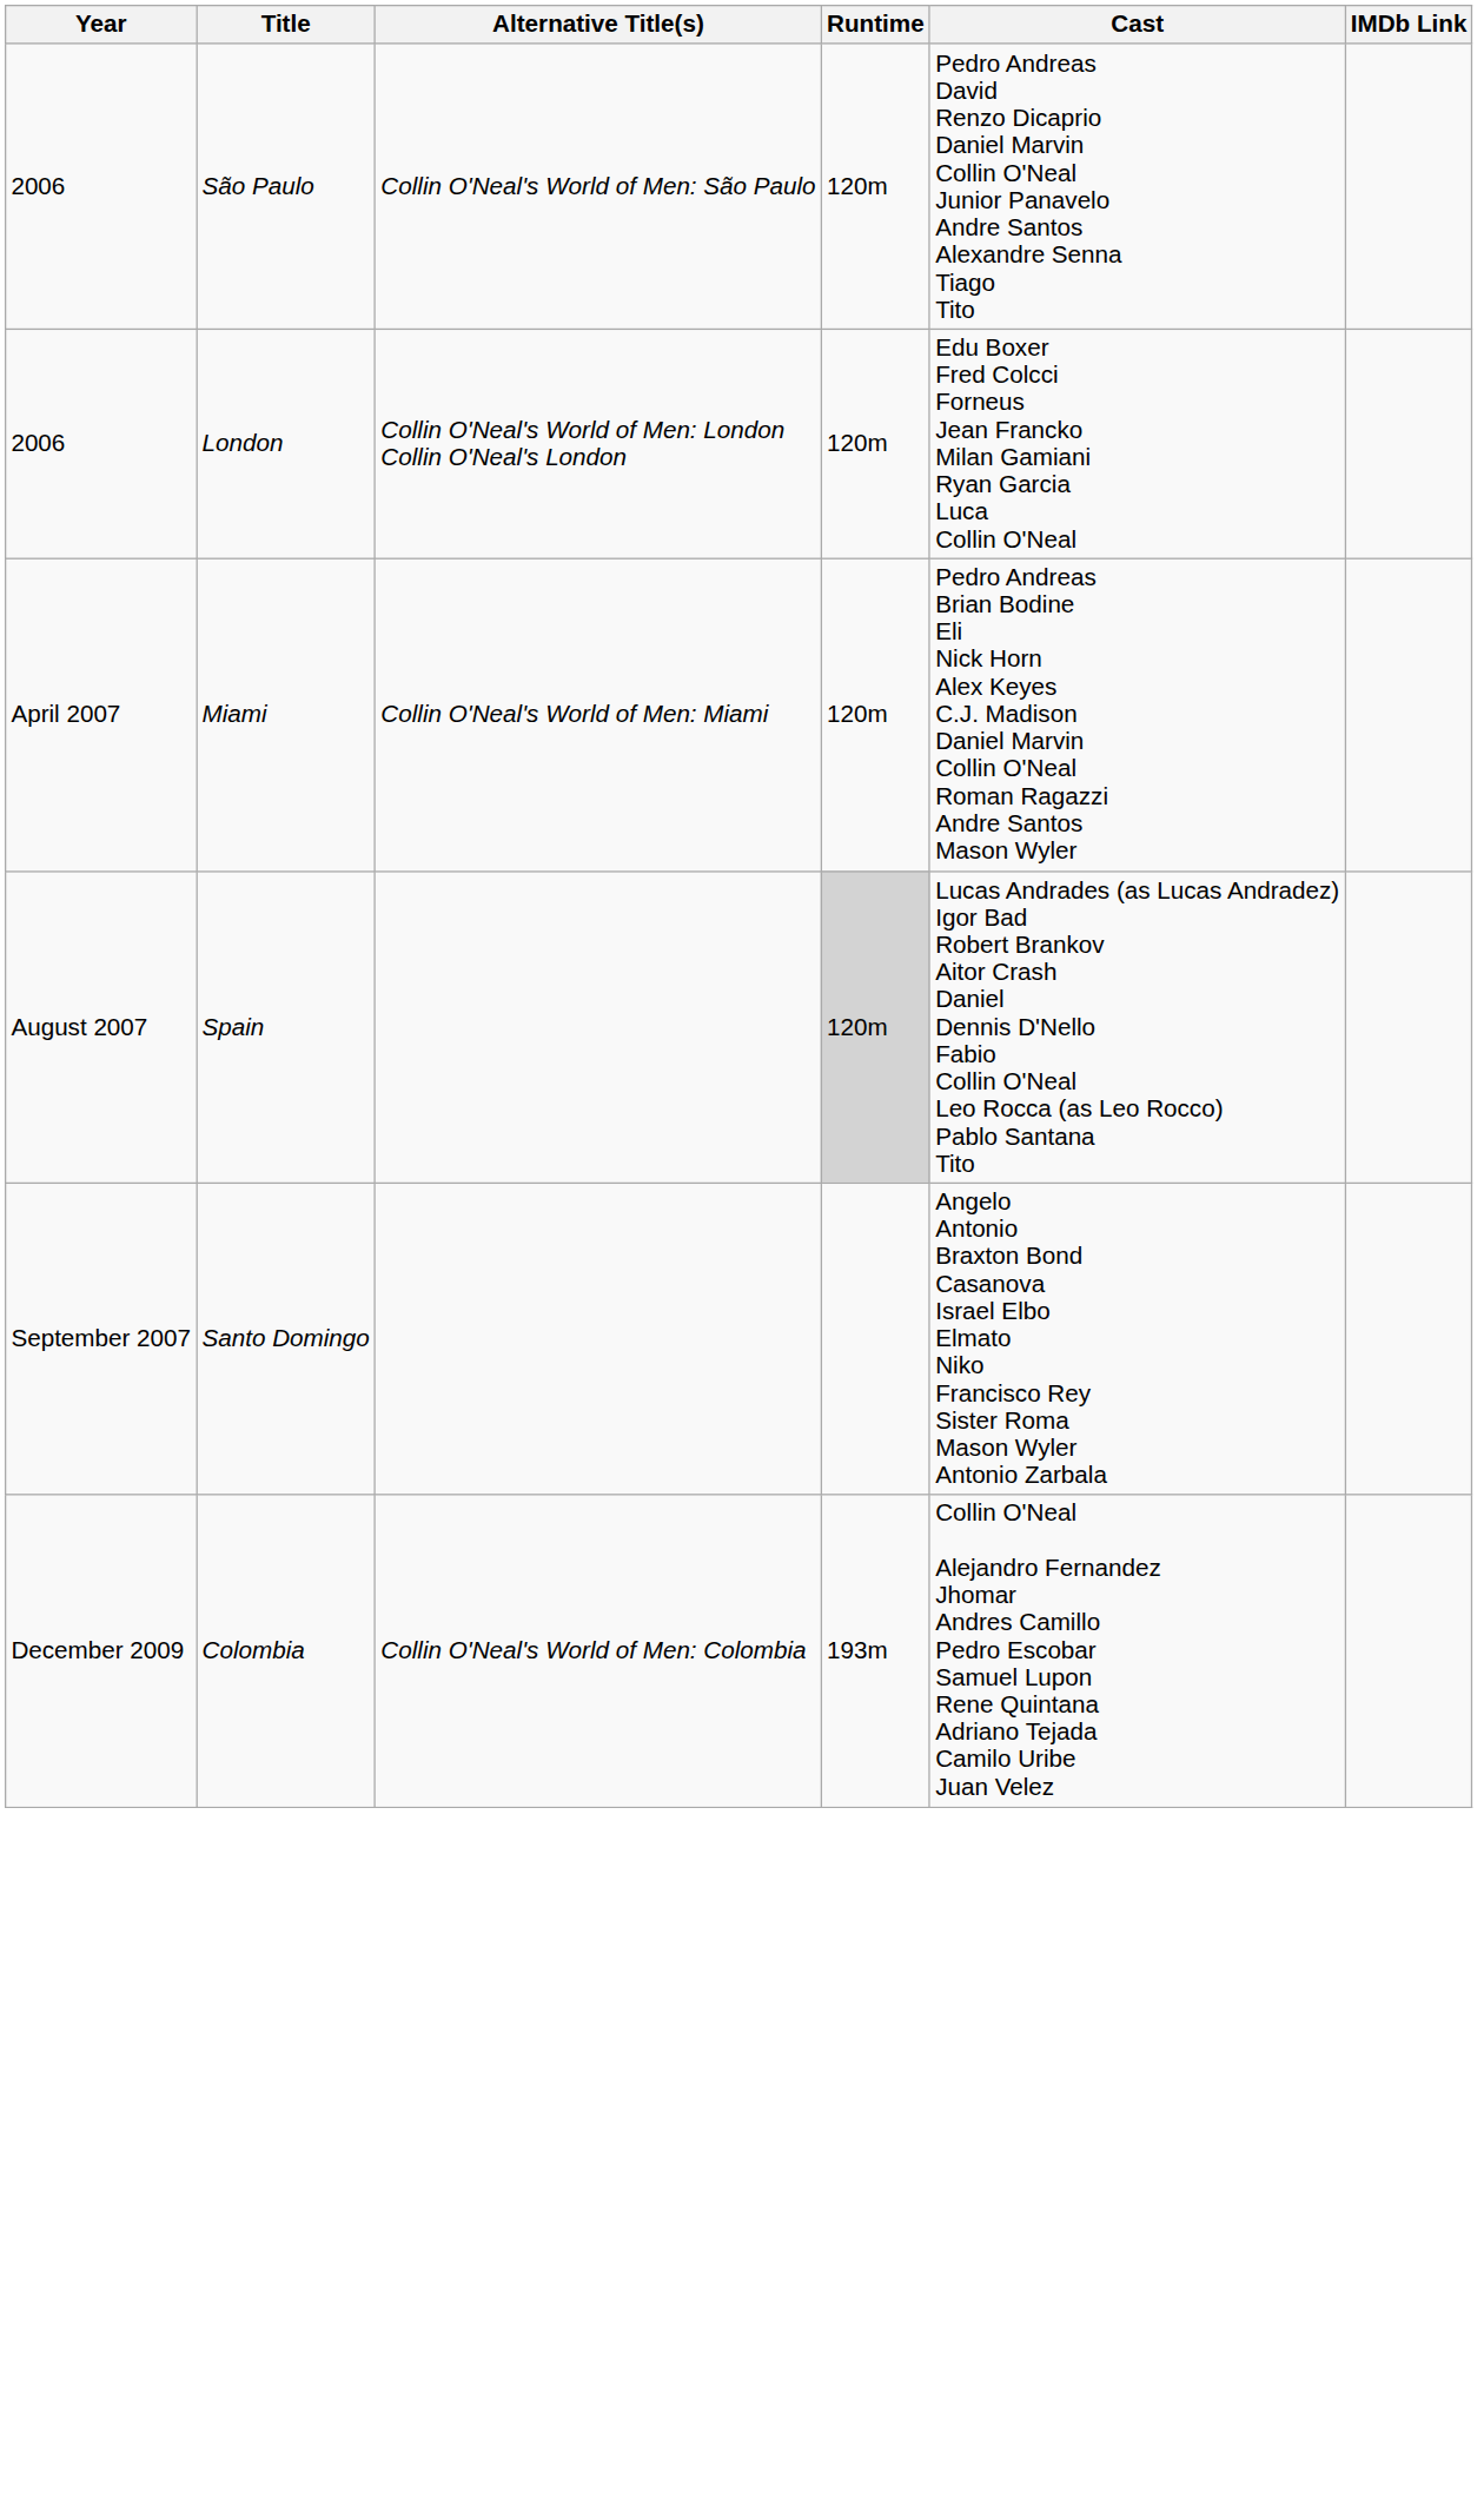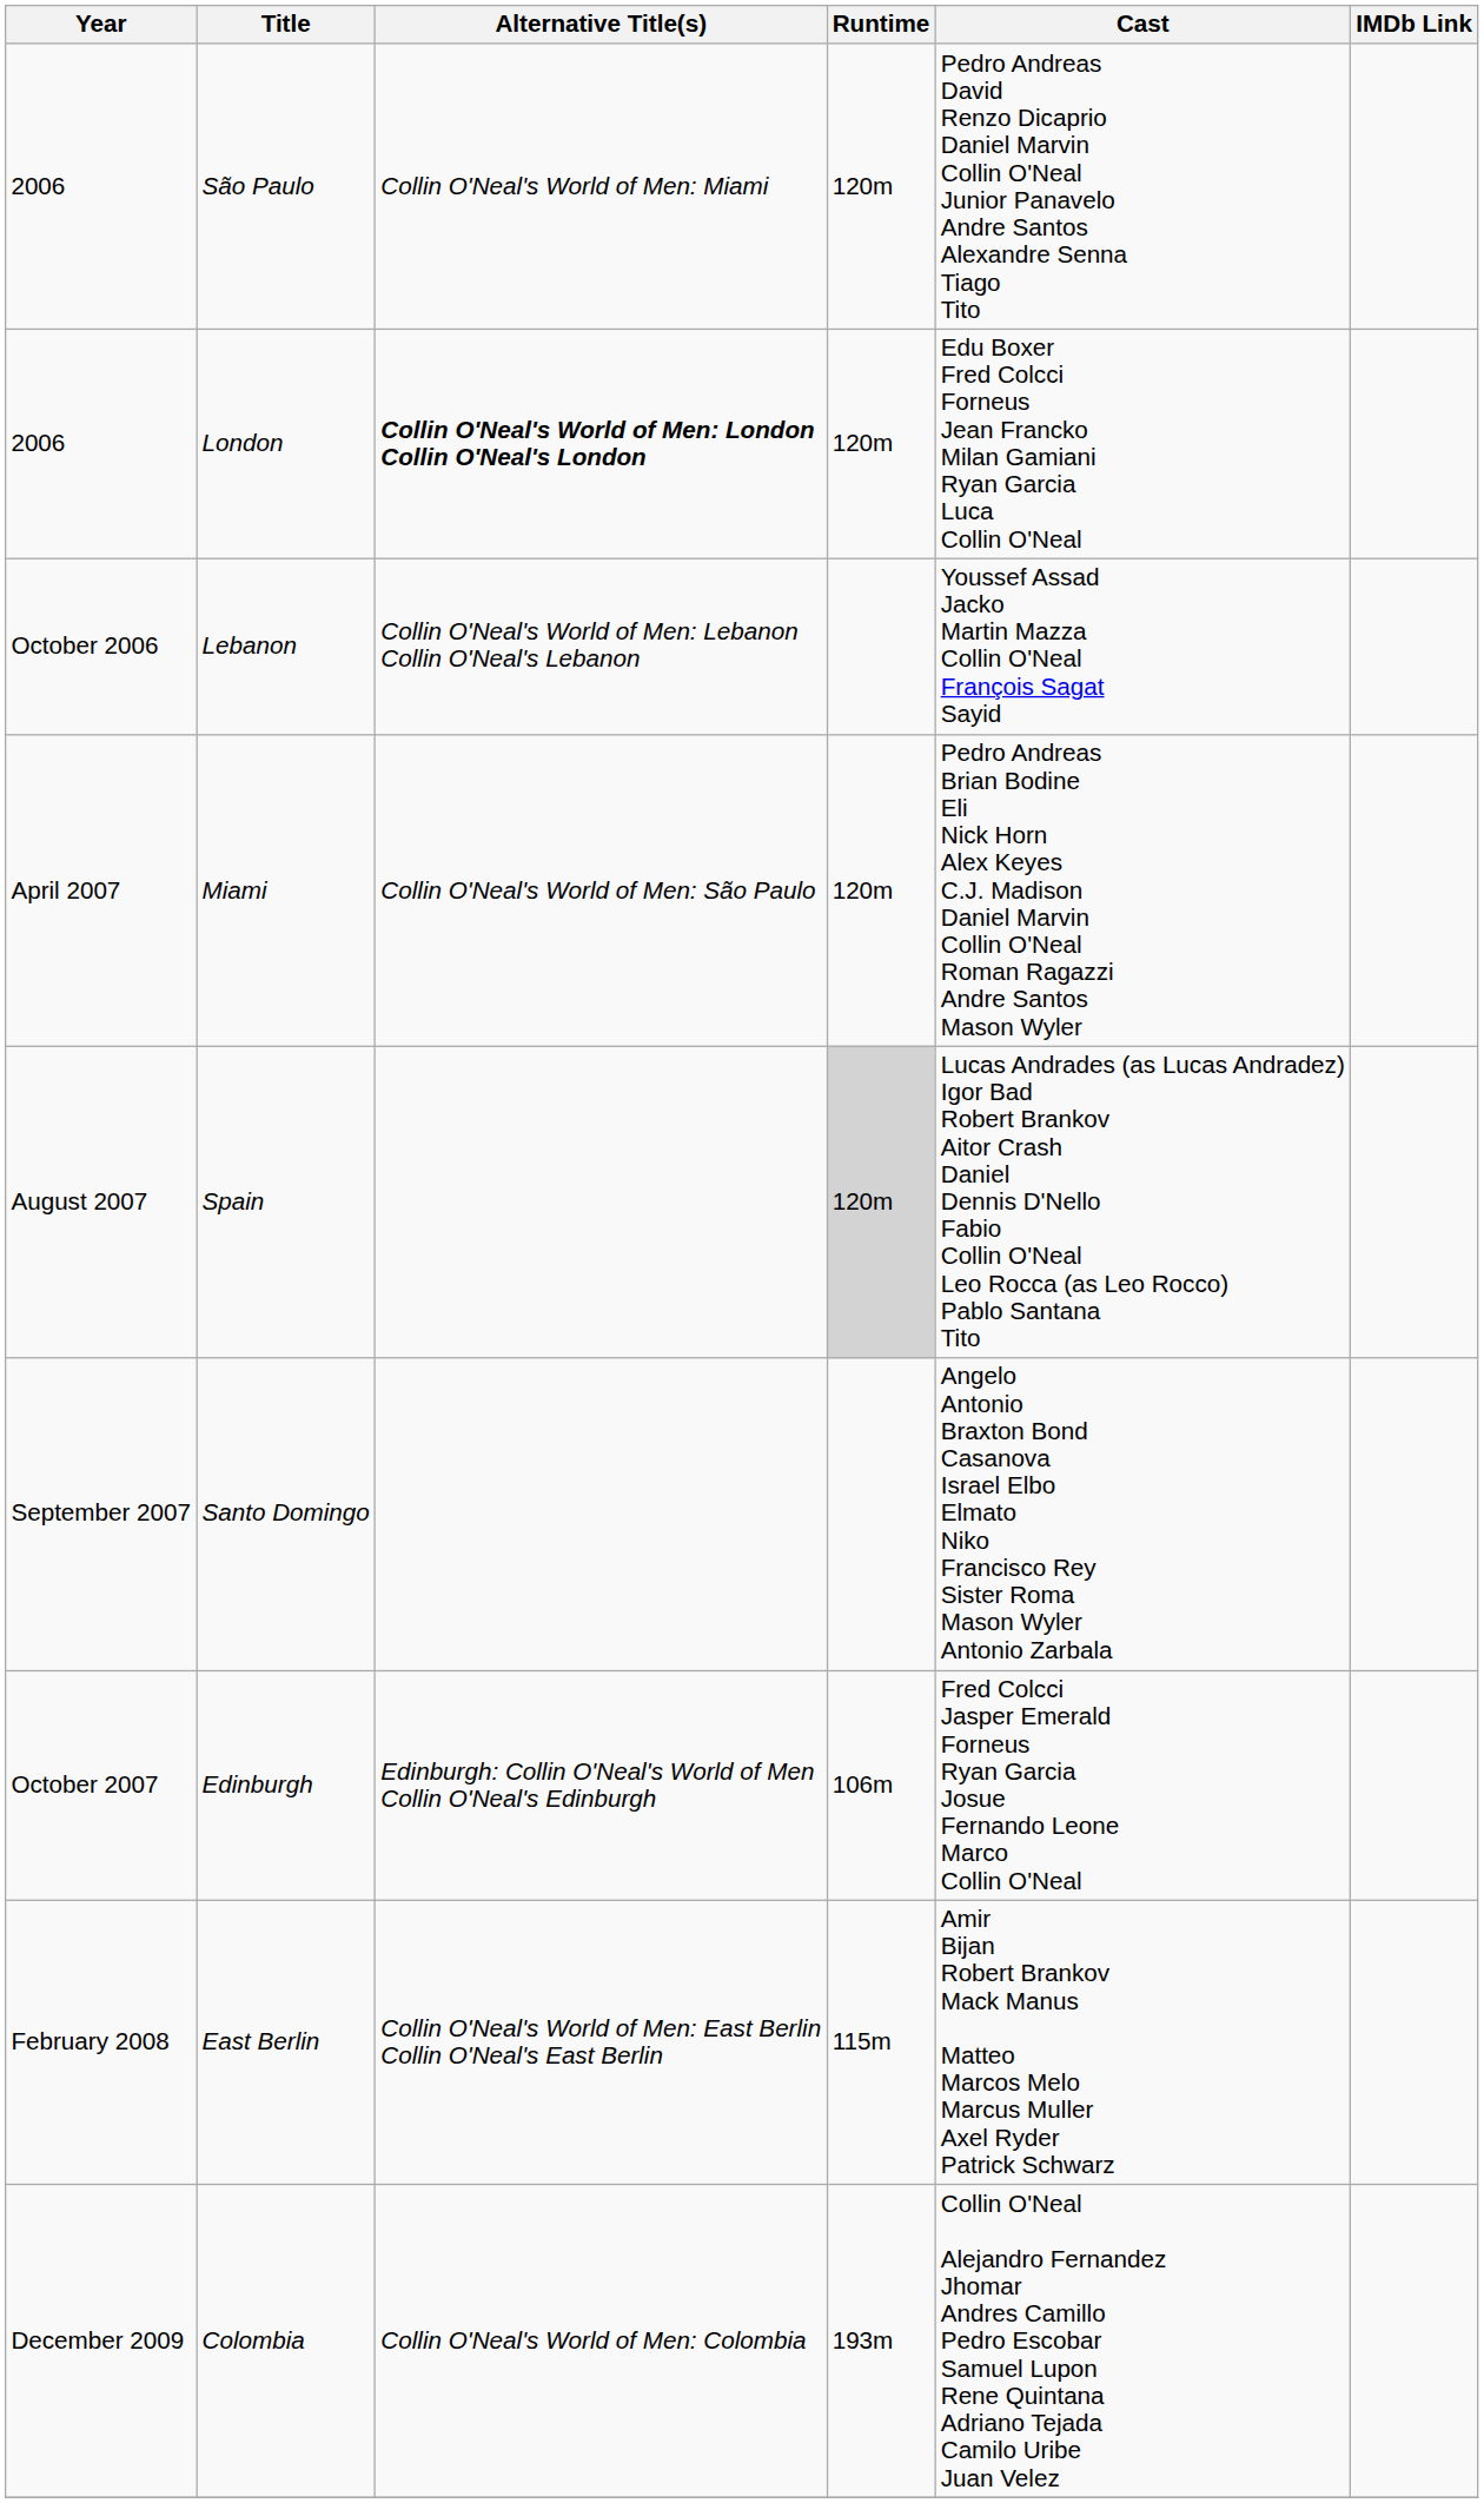 <table class="wikitable">
 <tr>
 <th>Year</th>
 <th><strong>Title</strong></th>
 <th><strong>Alternative Title(s)</strong></th>
 <th>Runtime</th>
 <th><strong>Cast</strong></th>
 <th>IMDb Link</th>
 </tr>
 <tr>
 <td>2006</td>
 <td><em>São Paulo</em></td>
-<td><em>Collin O'Neal's World of Men: São Paulo</em></td>
+<td><em>Collin O'Neal's World of Men: Miami</em></td>
 <td>120m</td>
 <td>Pedro Andreas <br> David <br> Renzo Dicaprio <br> Daniel Marvin <br> Collin O'Neal <br> Junior Panavelo <br> Andre Santos <br> Alexandre Senna <br> Tiago <br> Tito</td>
 <td></td>
 </tr>
 <tr>
 <td>2006</td>
 <td><em>London</em></td>
-<td><em>Collin O'Neal's World of Men: London</em><br><em>Collin O'Neal's London</em></td>
+<td><strong><em>Collin O'Neal's World of Men: London</em><br><em>Collin O'Neal's London</em></strong></td>
 <td>120m</td>
 <td>Edu Boxer <br> Fred Colcci <br> Forneus <br> Jean Francko <br> Milan Gamiani <br> Ryan Garcia <br> Luca <br> Collin O'Neal</td>
 <td></td>
 </tr>
 <tr>
+<td>October 2006</td>
+<td><em>Lebanon</em></td>
+<td><em>Collin O'Neal's World of Men: Lebanon</em><br><em>Collin O'Neal's Lebanon</em></td>
+<td></td>
+<td>Youssef Assad <br> Jacko <br> Martin Mazza <br> Collin O'Neal <br> <a href='#'>François Sagat</a> <br> Sayid</td>
+<td></td>
+</tr>
+<tr>
 <td>April 2007</td>
 <td><em>Miami</em></td>
-<td><em>Collin O'Neal's World of Men: Miami</em></td>
+<td><em>Collin O'Neal's World of Men: São Paulo</em></td>
 <td>120m</td>
 <td>Pedro Andreas <br> Brian Bodine <br> Eli <br> Nick Horn <br> Alex Keyes <br> C.J. Madison <br>  Daniel Marvin <br> Collin O'Neal <br> Roman Ragazzi <br> Andre Santos <br> Mason Wyler</td>
 <td></td>
 </tr>
 <tr>
 <td>August 2007</td>
 <td><em>Spain</em></td>
 <td></td>
 <td style="background: lightgrey;">120m</td>
 <td>Lucas Andrades (as Lucas Andradez) <br> Igor Bad <br> Robert Brankov <br> Aitor Crash <br> Daniel <br> Dennis D'Nello <br>  Fabio <br> Collin O'Neal <br> Leo Rocca (as Leo Rocco) <br> Pablo Santana <br>  Tito</td>
 <td></td>
 </tr>
 <tr>
 <td>September 2007</td>
 <td><em>Santo Domingo</em></td>
 <td></td>
 <td></td>
 <td>Angelo <br> Antonio <br>  Braxton Bond <br>  Casanova <br> Israel Elbo <br>  Elmato <br> Niko <br> Francisco Rey <br> Sister Roma <br>  Mason Wyler <br> Antonio Zarbala</td>
 <td></td>
 </tr>
 <tr>
+<td>October 2007</td>
+<td><em>Edinburgh</em></td>
+<td><em>Edinburgh: Collin O'Neal's World of Men</em> <br> <em>Collin O'Neal's Edinburgh</em></td>
+<td>106m</td>
+<td>Fred Colcci <br> Jasper Emerald <br> Forneus <br> Ryan Garcia  <br> Josue <br>  Fernando Leone <br> Marco <br> Collin O'Neal</td>
+<td></td>
+</tr>
+<tr>
+<td>February 2008</td>
+<td><em>East Berlin</em></td>
+<td><em>Collin O'Neal's World of Men: East Berlin</em><br> <em>Collin O'Neal's East Berlin</em></td>
+<td>115m</td>
+<td>Amir <br> Bijan <br>  Robert Brankov <br>  Mack Manus <br><br>Matteo <br> Marcos Melo <br> Marcus Muller <br> Axel Ryder <br> Patrick Schwarz</td>
+<td></td>
+</tr>
+<tr>
 <td>December 2009</td>
 <td><em>Colombia</em></td>
 <td><em>Collin O'Neal's World of Men: Colombia</em></td>
 <td>193m</td>
 <td>Collin O'Neal<br><br>Alejandro Fernandez<br> Jhomar<br> Andres Camillo<br> Pedro Escobar<br> Samuel Lupon<br> Rene Quintana<br> Adriano Tejada<br> Camilo Uribe<br> Juan Velez</td>
 <td> </td>
 </tr>
 <tr>
 </tr>
 </table>
